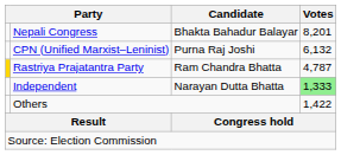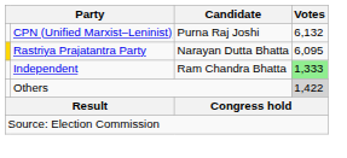 <table class="wikitable">
 <tr>
 <th colspan="2">Party</th>
 <th>Candidate</th>
 <th>Votes</th>
-</tr>
-<tr>
-<td style="background-color:"></td>
-<td><a href='#'>Nepali Congress</a></td>
-<td>Bhakta Bahadur Balayar</td>
-<td>8,201</td>
 </tr>
 <tr>
 <td style="background-color:"></td>
 <td><a href='#'>CPN (Unified Marxist–Leninist)</a></td>
 <td>Purna Raj Joshi</td>
 <td>6,132</td>
 </tr>
 <tr>
 <td style="background-color:gold"></td>
 <td><a href='#'>Rastriya Prajatantra Party</a></td>
-<td>Ram Chandra Bhatta</td>
-<td>4,787</td>
+<td>Narayan Dutta Bhatta</td>
+<td>6,095</td>
 </tr>
 <tr>
 <td style="background-color:"></td>
 <td><a href='#'>Independent</a></td>
-<td>Narayan Dutta Bhatta</td>
+<td>Ram Chandra Bhatta</td>
 <td style="background: lightgreen;">1,333</td>
 </tr>
 <tr>
 <td></td>
 <td colspan="2">Others</td>
-<td>1,422</td>
+<td style="background: lightgrey;">1,422</td>
 </tr>
 <tr>
 <th colspan="2">Result</th>
 <th colspan="2">Congress hold</th>
 </tr>
 <tr>
 <td colspan="4">Source: Election Commission</td>
 </tr>
 </table>
